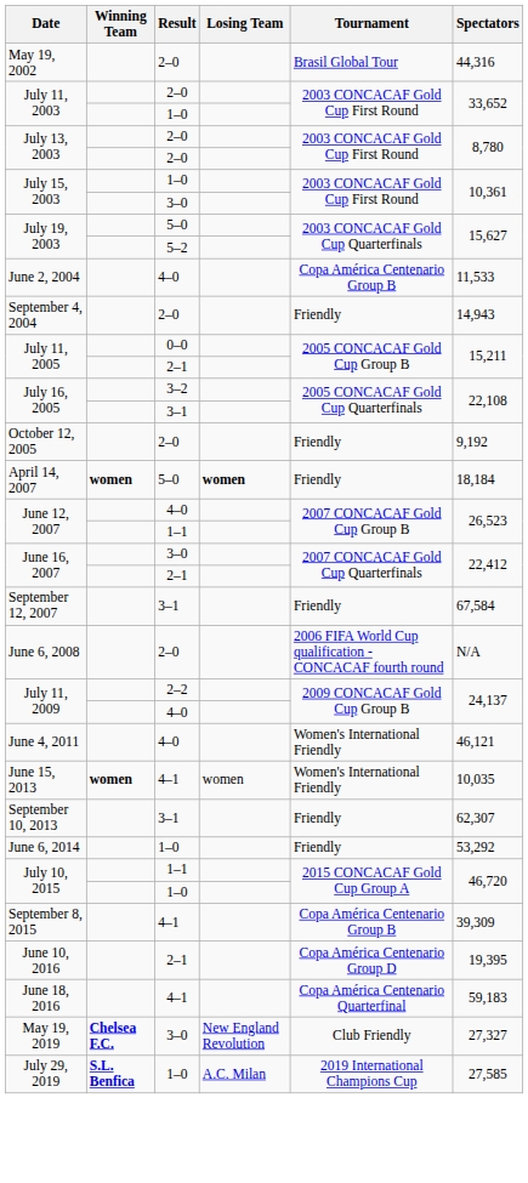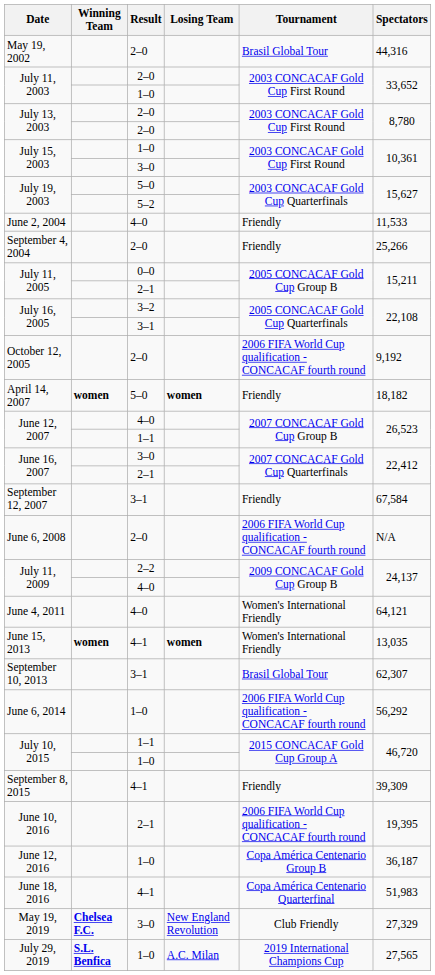 <table class="wikitable" style="text-align:left; width:95%;" style="text-align:center">
 <tr>
 <th style="text-align:center; ">Date</th>
 <th style="text-align:center; ">Winning Team</th>
 <th style="text-align:center; ">Result</th>
 <th style="text-align:center; ">Losing Team</th>
 <th style="text-align:center; ">Tournament</th>
 <th style="text-align:center; ">Spectators</th>
 </tr>
 <tr>
 <td>May 19, 2002</td>
 <td><strong></strong></td>
 <td>2–0</td>
 <td></td>
 <td><a href='#'>Brasil Global Tour</a></td>
 <td>44,316</td>
 </tr>
 <tr>
 <td style="text-align:center;" rowspan=2>July 11, 2003</td>
 <td><strong></strong></td>
 <td style="text-align:center;">2–0</td>
 <td></td>
 <td style="text-align:center;" rowspan=2><a href='#'>2003 CONCACAF Gold Cup</a> First Round</td>
 <td style="text-align:center;" rowspan=2>33,652</td>
 </tr>
 <tr>
 <td><strong></strong></td>
 <td style="text-align:center;">1–0</td>
 <td></td>
 </tr>
 <tr>
 <td style="text-align:center;" rowspan=2>July 13, 2003</td>
 <td><strong></strong></td>
 <td style="text-align:center;">2–0</td>
 <td></td>
 <td style="text-align:center;" rowspan=2><a href='#'>2003 CONCACAF Gold Cup</a> First Round</td>
 <td style="text-align:center;" rowspan=2>8,780</td>
 </tr>
 <tr>
 <td><strong></strong></td>
 <td style="text-align:center;">2–0</td>
 <td></td>
 </tr>
 <tr>
 <td style="text-align:center;" rowspan=2>July 15, 2003</td>
 <td><strong></strong></td>
 <td style="text-align:center;">1–0</td>
 <td></td>
 <td style="text-align:center;" rowspan=2><a href='#'>2003 CONCACAF Gold Cup</a> First Round</td>
 <td style="text-align:center;" rowspan=2>10,361</td>
 </tr>
 <tr>
 <td><strong></strong></td>
 <td style="text-align:center;">3–0</td>
 <td></td>
 </tr>
 <tr>
 <td style="text-align:center;" rowspan=2>July 19, 2003</td>
 <td><strong></strong></td>
 <td style="text-align:center;">5–0</td>
 <td></td>
 <td style="text-align:center;" rowspan=2><a href='#'>2003 CONCACAF Gold Cup</a> Quarterfinals</td>
 <td style="text-align:center;" rowspan=2>15,627</td>
 </tr>
 <tr>
 <td><strong></strong></td>
 <td style="text-align:center;">5–2</td>
 <td></td>
 </tr>
 <tr>
 <td>June 2, 2004</td>
 <td><strong></strong></td>
 <td>4–0</td>
 <td></td>
-<td style="text-align:center;"><a href='#'>Copa América Centenario Group B</a></td>
+<td>Friendly</td>
 <td>11,533</td>
 </tr>
 <tr>
 <td>September 4, 2004</td>
 <td><strong></strong></td>
 <td>2–0</td>
 <td></td>
 <td>Friendly</td>
-<td>14,943</td>
+<td>25,266</td>
 </tr>
 <tr>
 <td style="text-align:center;" rowspan=2>July 11, 2005</td>
 <td></td>
 <td style="text-align:center;">0–0</td>
 <td></td>
 <td style="text-align:center;" rowspan=2><a href='#'>2005 CONCACAF Gold Cup</a> Group B</td>
 <td style="text-align:center;" rowspan=2>15,211</td>
 </tr>
 <tr>
 <td><strong></strong></td>
 <td style="text-align:center;">2–1</td>
 <td></td>
 </tr>
 <tr>
 <td style="text-align:center;" rowspan=2>July 16, 2005</td>
 <td><strong></strong></td>
 <td style="text-align:center;">3–2</td>
 <td></td>
 <td style="text-align:center;" rowspan=2><a href='#'>2005 CONCACAF Gold Cup</a> Quarterfinals</td>
 <td style="text-align:center;" rowspan=2>22,108</td>
 </tr>
 <tr>
 <td><strong></strong></td>
 <td style="text-align:center;">3–1</td>
 <td></td>
 </tr>
 <tr>
 <td>October 12, 2005</td>
 <td><strong></strong></td>
 <td>2–0</td>
 <td></td>
-<td>Friendly</td>
+<td><a href='#'>2006 FIFA World Cup qualification - CONCACAF fourth round</a></td>
 <td>9,192</td>
 </tr>
 <tr>
 <td>April 14, 2007</td>
 <td><strong> women</strong></td>
 <td>5–0</td>
 <td><strong> women</strong></td>
 <td>Friendly</td>
-<td>18,184</td>
+<td>18,182</td>
 </tr>
 <tr>
 <td style="text-align:center;" rowspan=2>June 12, 2007</td>
 <td><strong></strong></td>
 <td style="text-align:center;">4–0</td>
 <td></td>
 <td style="text-align:center;" rowspan=2><a href='#'>2007 CONCACAF Gold Cup</a> Group B</td>
 <td style="text-align:center;" rowspan=2>26,523</td>
 </tr>
 <tr>
 <td></td>
 <td style="text-align:center;">1–1</td>
 <td></td>
 </tr>
 <tr>
 <td style="text-align:center;" rowspan=2>June 16, 2007</td>
 <td><strong></strong></td>
 <td style="text-align:center;">3–0</td>
 <td></td>
 <td style="text-align:center;" rowspan=2><a href='#'>2007 CONCACAF Gold Cup</a> Quarterfinals</td>
 <td style="text-align:center;" rowspan=2>22,412</td>
 </tr>
 <tr>
 <td><strong></strong></td>
 <td style="text-align:center;">2–1</td>
 <td></td>
 </tr>
 <tr>
 <td>September 12, 2007</td>
 <td><strong></strong></td>
 <td>3–1</td>
 <td></td>
 <td>Friendly</td>
 <td>67,584</td>
 </tr>
 <tr>
 <td>June 6, 2008</td>
 <td><strong></strong></td>
 <td>2–0</td>
 <td></td>
 <td><a href='#'>2006 FIFA World Cup qualification - CONCACAF fourth round</a></td>
 <td>N/A</td>
 </tr>
 <tr>
 <td style="text-align:center;" rowspan=2>July 11, 2009</td>
 <td></td>
 <td style="text-align:center;">2–2</td>
 <td></td>
 <td style="text-align:center;" rowspan=2><a href='#'>2009 CONCACAF Gold Cup</a> Group B</td>
 <td style="text-align:center;" rowspan=2>24,137</td>
 </tr>
 <tr>
 <td><strong></strong></td>
 <td style="text-align:center;">4–0</td>
 <td></td>
 </tr>
 <tr>
 <td>June 4, 2011</td>
 <td><strong></strong></td>
 <td>4–0</td>
 <td></td>
 <td>Women's International Friendly</td>
-<td>46,121</td>
+<td>64,121</td>
 </tr>
 <tr>
 <td>June 15, 2013</td>
 <td><strong> women</strong></td>
 <td>4–1</td>
-<td> women</td>
+<td><strong> women</strong></td>
 <td>Women's International Friendly</td>
-<td>10,035</td>
+<td>13,035</td>
 </tr>
 <tr>
 <td>September 10, 2013</td>
 <td><strong></strong></td>
 <td>3–1</td>
 <td></td>
-<td>Friendly</td>
+<td><a href='#'>Brasil Global Tour</a></td>
 <td>62,307</td>
 </tr>
 <tr>
 <td>June 6, 2014</td>
 <td><strong></strong></td>
 <td>1–0</td>
 <td></td>
-<td>Friendly</td>
-<td>53,292</td>
+<td><a href='#'>2006 FIFA World Cup qualification - CONCACAF fourth round</a></td>
+<td>56,292</td>
 </tr>
 <tr>
 <td style="text-align:center;" rowspan=2>July 10, 2015</td>
 <td></td>
 <td style="text-align:center;">1–1</td>
 <td></td>
 <td style="text-align:center;" rowspan=2><a href='#'>2015 CONCACAF Gold Cup Group A</a></td>
 <td style="text-align:center;" rowspan=2>46,720</td>
 </tr>
 <tr>
 <td><strong></strong></td>
 <td style="text-align:center;">1–0</td>
 <td></td>
 </tr>
 <tr>
 <td>September 8, 2015</td>
 <td><strong></strong></td>
 <td>4–1</td>
 <td></td>
-<td style="text-align:center;"><a href='#'>Copa América Centenario Group B</a></td>
+<td>Friendly</td>
 <td>39,309</td>
 </tr>
 <tr>
 <td style="text-align:center;">June 10, 2016</td>
 <td><strong></strong></td>
 <td style="text-align:center;">2–1</td>
 <td></td>
-<td style="text-align:center;"><a href='#'>Copa América Centenario Group D</a></td>
+<td><a href='#'>2006 FIFA World Cup qualification - CONCACAF fourth round</a></td>
 <td style="text-align:center;">19,395</td>
+</tr>
+<tr>
+<td style="text-align:center;">June 12, 2016</td>
+<td><strong></strong></td>
+<td style="text-align:center;">1–0</td>
+<td></td>
+<td style="text-align:center;"><a href='#'>Copa América Centenario Group B</a></td>
+<td style="text-align:center;">36,187</td>
 </tr>
 <tr>
 <td style="text-align:center;">June 18, 2016</td>
 <td><strong></strong></td>
 <td style="text-align:center;">4–1</td>
 <td></td>
 <td style="text-align:center;"><a href='#'>Copa América Centenario Quarterfinal</a></td>
-<td style="text-align:center;">59,183</td>
+<td style="text-align:center;">51,983</td>
 </tr>
 <tr>
 <td style="text-align:center;">May 19, 2019</td>
 <td> <strong><a href='#'>Chelsea F.C.</a></strong></td>
 <td style="text-align:center;">3–0</td>
 <td> <a href='#'>New England Revolution</a></td>
 <td style="text-align:center;">Club Friendly</td>
-<td style="text-align:center;">27,327</td>
+<td style="text-align:center;">27,329</td>
 </tr>
 <tr>
 <td style="text-align:center;">July 29, 2019</td>
 <td><strong> <a href='#'>S.L. Benfica</a></strong></td>
 <td style="text-align:center;">1–0</td>
 <td> <a href='#'>A.C. Milan</a></td>
 <td style="text-align:center;"><a href='#'>2019 International Champions Cup</a></td>
-<td style="text-align:center;">27,585</td>
+<td style="text-align:center;">27,565</td>
 </tr>
 </table>
